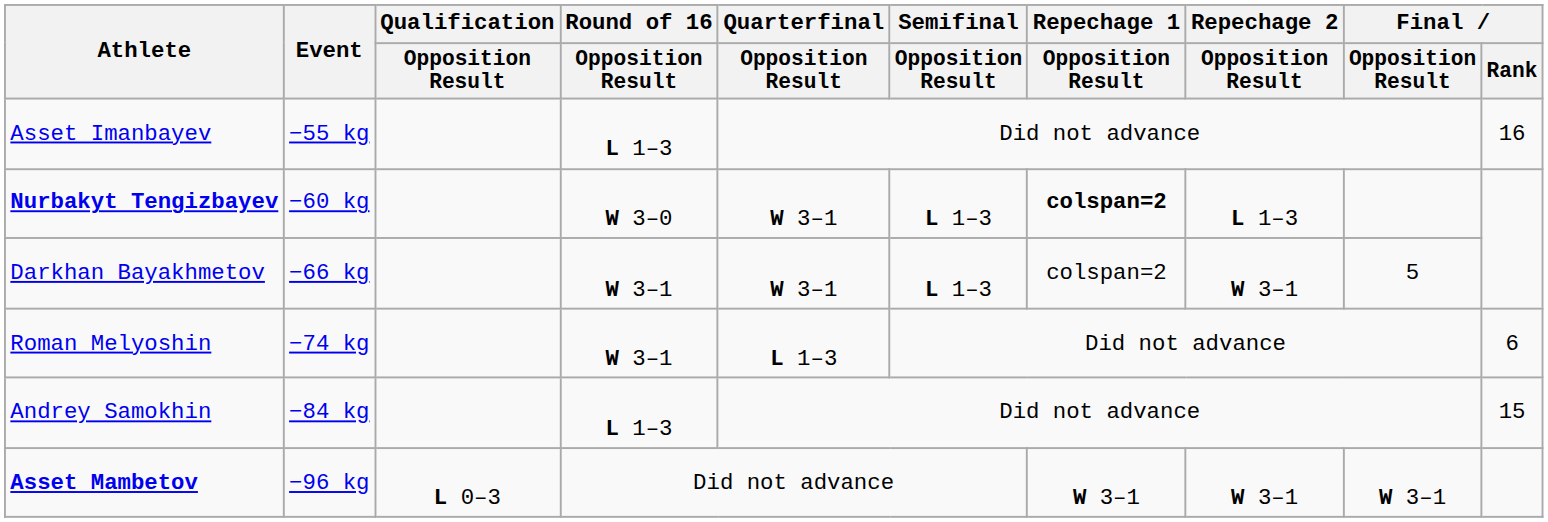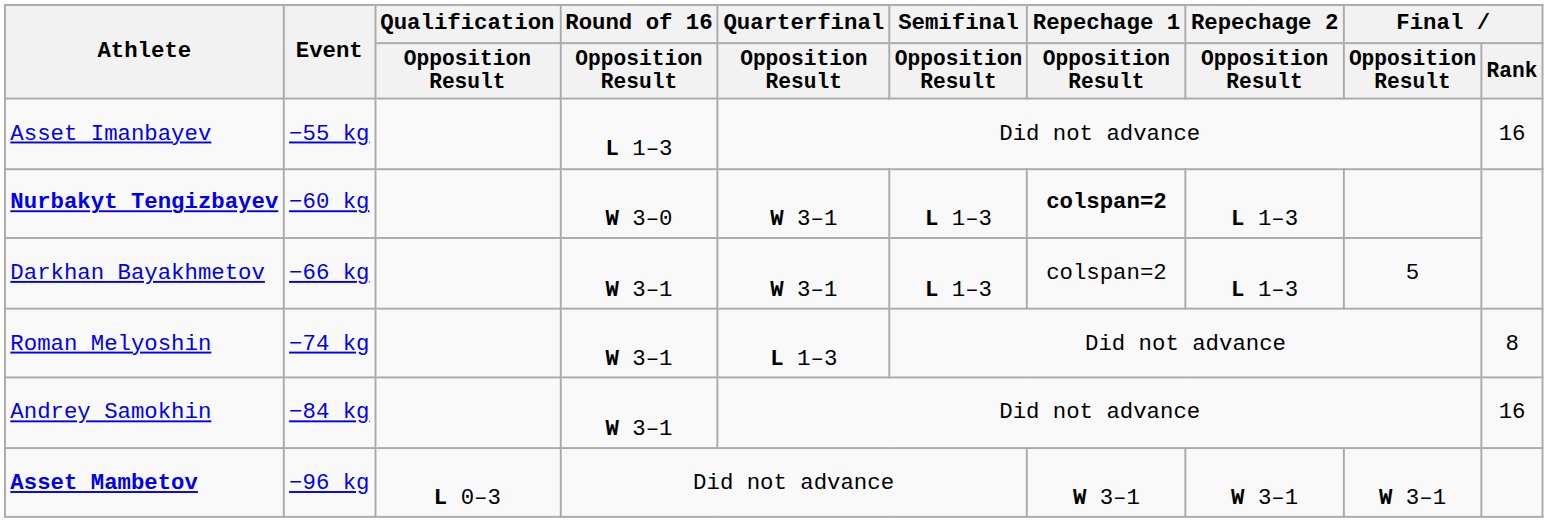 <table class="wikitable" style="font-size:90%">
 <tr>
 <th rowspan="2">Athlete</th>
 <th rowspan="2">Event</th>
 <th>Qualification</th>
 <th>Round of 16</th>
 <th>Quarterfinal</th>
 <th>Semifinal</th>
 <th>Repechage 1</th>
 <th>Repechage 2</th>
 <th colspan=2>Final / </th>
 </tr>
 <tr style="font-size: 95%">
 <th>Opposition<br>Result</th>
 <th>Opposition<br>Result</th>
 <th>Opposition<br>Result</th>
 <th>Opposition<br>Result</th>
 <th>Opposition<br>Result</th>
 <th>Opposition<br>Result</th>
 <th>Opposition<br>Result</th>
 <th>Rank</th>
 </tr>
 <tr align=center>
 <td align=left><a href='#'>Asset Imanbayev</a></td>
 <td align=left><a href='#'>−55 kg</a></td>
 <td></td>
 <td><br><strong>L</strong> 1–3 <sup></sup></td>
 <td colspan=5>Did not advance</td>
 <td>16</td>
 </tr>
 <tr align=center>
 <td align=left><strong><a href='#'>Nurbakyt Tengizbayev</a></strong></td>
 <td align=left><a href='#'>−60 kg</a></td>
 <td></td>
 <td><br><strong>W</strong> 3–0 <sup></sup></td>
 <td><br><strong>W</strong> 3–1 <sup></sup></td>
 <td><br><strong>L</strong> 1–3 <sup></sup></td>
 <td><strong>colspan=2 </strong></td>
 <td><br><strong>L</strong> 1–3 <sup></sup></td>
 <td></td>
 </tr>
 <tr align=center>
 <td align=left><a href='#'>Darkhan Bayakhmetov</a></td>
 <td align=left><a href='#'>−66 kg</a></td>
 <td></td>
 <td><br><strong>W</strong> 3–1 <sup></sup></td>
 <td><br><strong>W</strong> 3–1 <sup></sup></td>
 <td><br><strong>L</strong> 1–3 <sup></sup></td>
 <td>colspan=2 </td>
-<td><br><strong>W</strong> 3–1 <sup></sup></td>
+<td><br><strong>L</strong> 1–3 <sup></sup></td>
 <td>5</td>
 </tr>
 <tr align=center>
 <td align=left><a href='#'>Roman Melyoshin</a></td>
 <td align=left><a href='#'>−74 kg</a></td>
 <td></td>
 <td><br><strong>W</strong> 3–1 <sup></sup></td>
 <td><br><strong>L</strong> 1–3 <sup></sup></td>
 <td colspan=4>Did not advance</td>
-<td>6</td>
+<td>8</td>
 </tr>
 <tr align=center>
 <td align=left><a href='#'>Andrey Samokhin</a></td>
 <td align=left><a href='#'>−84 kg</a></td>
 <td></td>
-<td><br><strong>L</strong> 1–3 <sup></sup></td>
+<td><br><strong>W</strong> 3–1 <sup></sup></td>
 <td colspan=5>Did not advance</td>
-<td>15</td>
+<td>16</td>
 </tr>
 <tr align=center>
 <td align=left><strong><a href='#'>Asset Mambetov</a></strong></td>
 <td align=left><a href='#'>−96 kg</a></td>
 <td><br><strong>L</strong> 0–3 <sup></sup></td>
 <td colspan=3>Did not advance</td>
 <td><br><strong>W</strong> 3–1 <sup></sup></td>
 <td><br><strong>W</strong> 3–1 <sup></sup></td>
 <td> <br><strong>W</strong> 3–1 <sup></sup></td>
 <td></td>
 </tr>
 </table>
